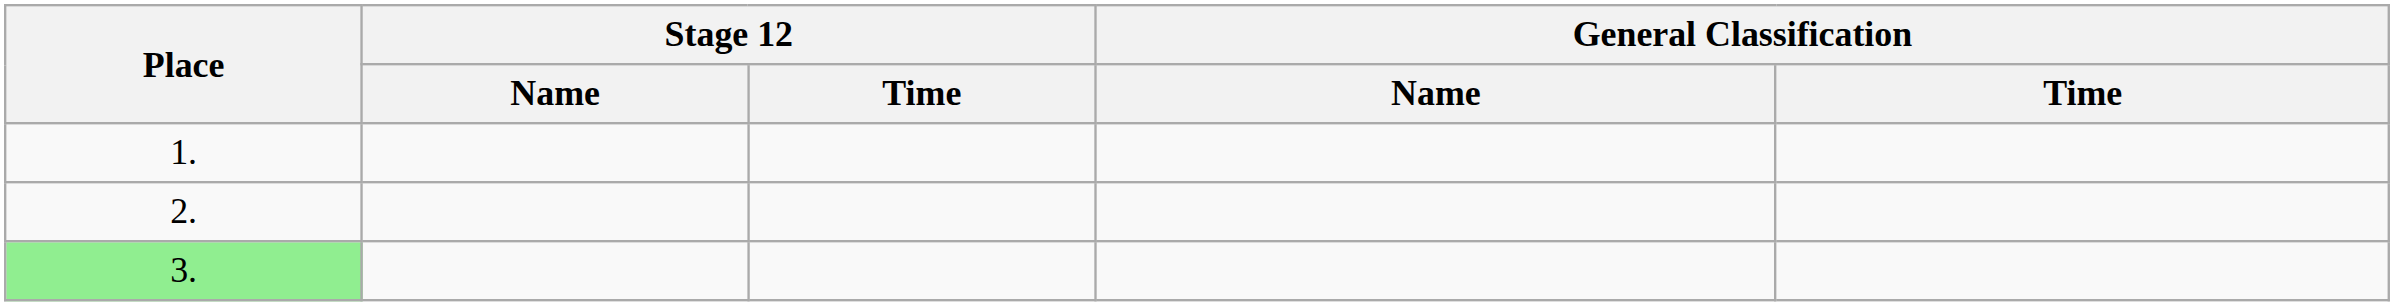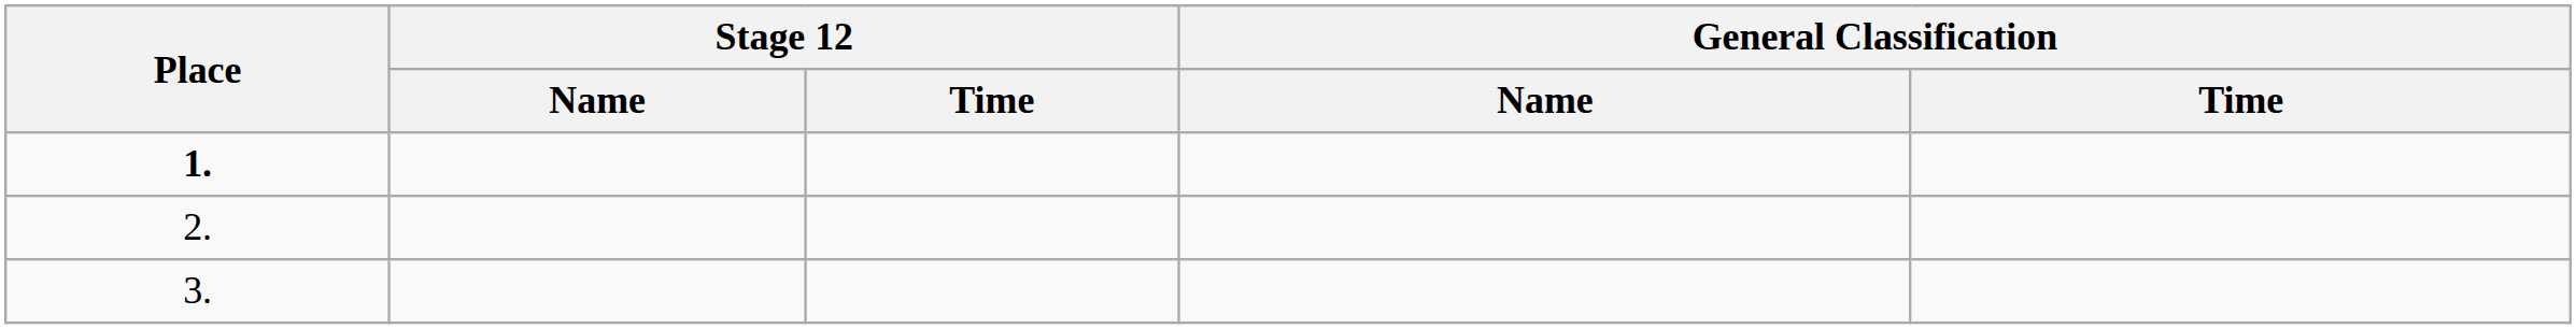 <table class=wikitable style="font-size:95%" width="80%">
 <tr>
 <th rowspan="2">Place</th>
 <th colspan="2">Stage 12</th>
 <th colspan="2">General Classification</th>
 </tr>
 <tr>
 <th>Name</th>
 <th>Time</th>
 <th>Name</th>
 <th>Time</th>
 </tr>
 <tr>
-<td align="center">1.</td>
+<td align="center"><strong>1.</strong></td>
 <td></td>
 <td></td>
 <td></td>
 <td></td>
 </tr>
 <tr>
 <td align="center">2.</td>
 <td></td>
 <td></td>
 <td></td>
 <td></td>
 </tr>
 <tr>
-<td align="center" style="background: lightgreen;">3.</td>
+<td align="center">3.</td>
 <td></td>
 <td></td>
 <td></td>
 <td></td>
 </tr>
 </table>
